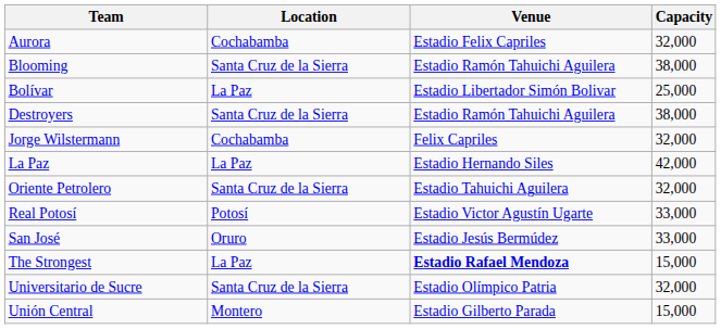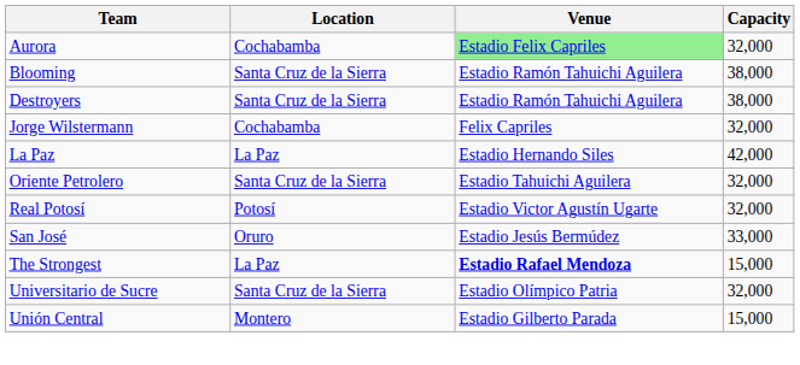 <table class="wikitable sortable" style="font-size:95%;">
 <tr>
 <th width="200">Team</th>
 <th width="200">Location</th>
 <th width="240">Venue</th>
 <th>Capacity</th>
 </tr>
 <tr>
 <td><a href='#'>Aurora</a></td>
 <td><a href='#'>Cochabamba</a></td>
-<td><a href='#'>Estadio Felix Capriles</a></td>
+<td style="background: lightgreen;"><a href='#'>Estadio Felix Capriles</a></td>
 <td>32,000</td>
 </tr>
 <tr>
 <td><a href='#'>Blooming</a></td>
 <td><a href='#'>Santa Cruz de la Sierra</a></td>
 <td><a href='#'>Estadio Ramón Tahuichi Aguilera</a></td>
 <td>38,000</td>
-</tr>
-<tr>
-<td><a href='#'>Bolívar</a></td>
-<td><a href='#'>La Paz</a></td>
-<td><a href='#'>Estadio Libertador Simón Bolivar</a></td>
-<td>25,000</td>
 </tr>
 <tr>
 <td><a href='#'>Destroyers</a></td>
 <td><a href='#'>Santa Cruz de la Sierra</a></td>
 <td><a href='#'>Estadio Ramón Tahuichi Aguilera</a></td>
 <td>38,000</td>
 </tr>
 <tr>
 <td><a href='#'>Jorge Wilstermann</a></td>
 <td><a href='#'>Cochabamba</a></td>
 <td><a href='#'>Felix Capriles</a></td>
 <td>32,000</td>
 </tr>
 <tr>
 <td><a href='#'>La Paz</a></td>
 <td><a href='#'>La Paz</a></td>
 <td><a href='#'>Estadio Hernando Siles</a></td>
 <td>42,000</td>
 </tr>
 <tr>
 <td><a href='#'>Oriente Petrolero</a></td>
 <td><a href='#'>Santa Cruz de la Sierra</a></td>
 <td><a href='#'>Estadio Tahuichi Aguilera</a></td>
 <td>32,000</td>
 </tr>
 <tr>
 <td><a href='#'>Real Potosí</a></td>
 <td><a href='#'>Potosí</a></td>
 <td><a href='#'>Estadio Victor Agustín Ugarte</a></td>
-<td>33,000</td>
+<td>32,000</td>
 </tr>
 <tr>
 <td><a href='#'>San José</a></td>
 <td><a href='#'>Oruro</a></td>
 <td><a href='#'>Estadio Jesús Bermúdez</a></td>
 <td>33,000</td>
 </tr>
 <tr>
 <td><a href='#'>The Strongest</a></td>
 <td><a href='#'>La Paz</a></td>
 <td><strong><a href='#'>Estadio Rafael Mendoza</a></strong></td>
 <td>15,000</td>
 </tr>
 <tr>
 <td><a href='#'>Universitario de Sucre</a></td>
 <td><a href='#'>Santa Cruz de la Sierra</a></td>
 <td><a href='#'>Estadio Olímpico Patria</a></td>
 <td>32,000</td>
 </tr>
 <tr>
 <td><a href='#'>Unión Central</a></td>
 <td><a href='#'>Montero</a></td>
 <td><a href='#'>Estadio Gilberto Parada</a></td>
 <td>15,000</td>
 </tr>
 </table>
